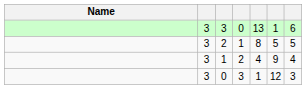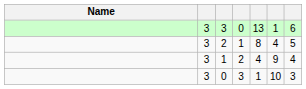 <table class=wikitable style="text-align:center">
 <tr>
 <th width=300>Name</th>
 <th width=20></th>
 <th width=20></th>
 <th width=20></th>
 <th width=20></th>
 <th width=20></th>
 <th width=20></th>
 </tr>
 <tr style="background-color:#ccffcc;">
 <td style="text-align:left;"></td>
 <td>3</td>
 <td>3</td>
 <td>0</td>
 <td>13</td>
 <td>1</td>
 <td>6</td>
 </tr>
 <tr>
 <td style="text-align:left;"></td>
 <td>3</td>
 <td>2</td>
 <td>1</td>
 <td>8</td>
-<td>5</td>
+<td>4</td>
 <td>5</td>
 </tr>
 <tr>
 <td style="text-align:left;"></td>
 <td>3</td>
 <td>1</td>
 <td>2</td>
 <td>4</td>
 <td>9</td>
 <td>4</td>
 </tr>
 <tr>
 <td style="text-align:left;"></td>
 <td>3</td>
 <td>0</td>
 <td>3</td>
 <td>1</td>
-<td>12</td>
+<td>10</td>
 <td>3</td>
 </tr>
 </table>
